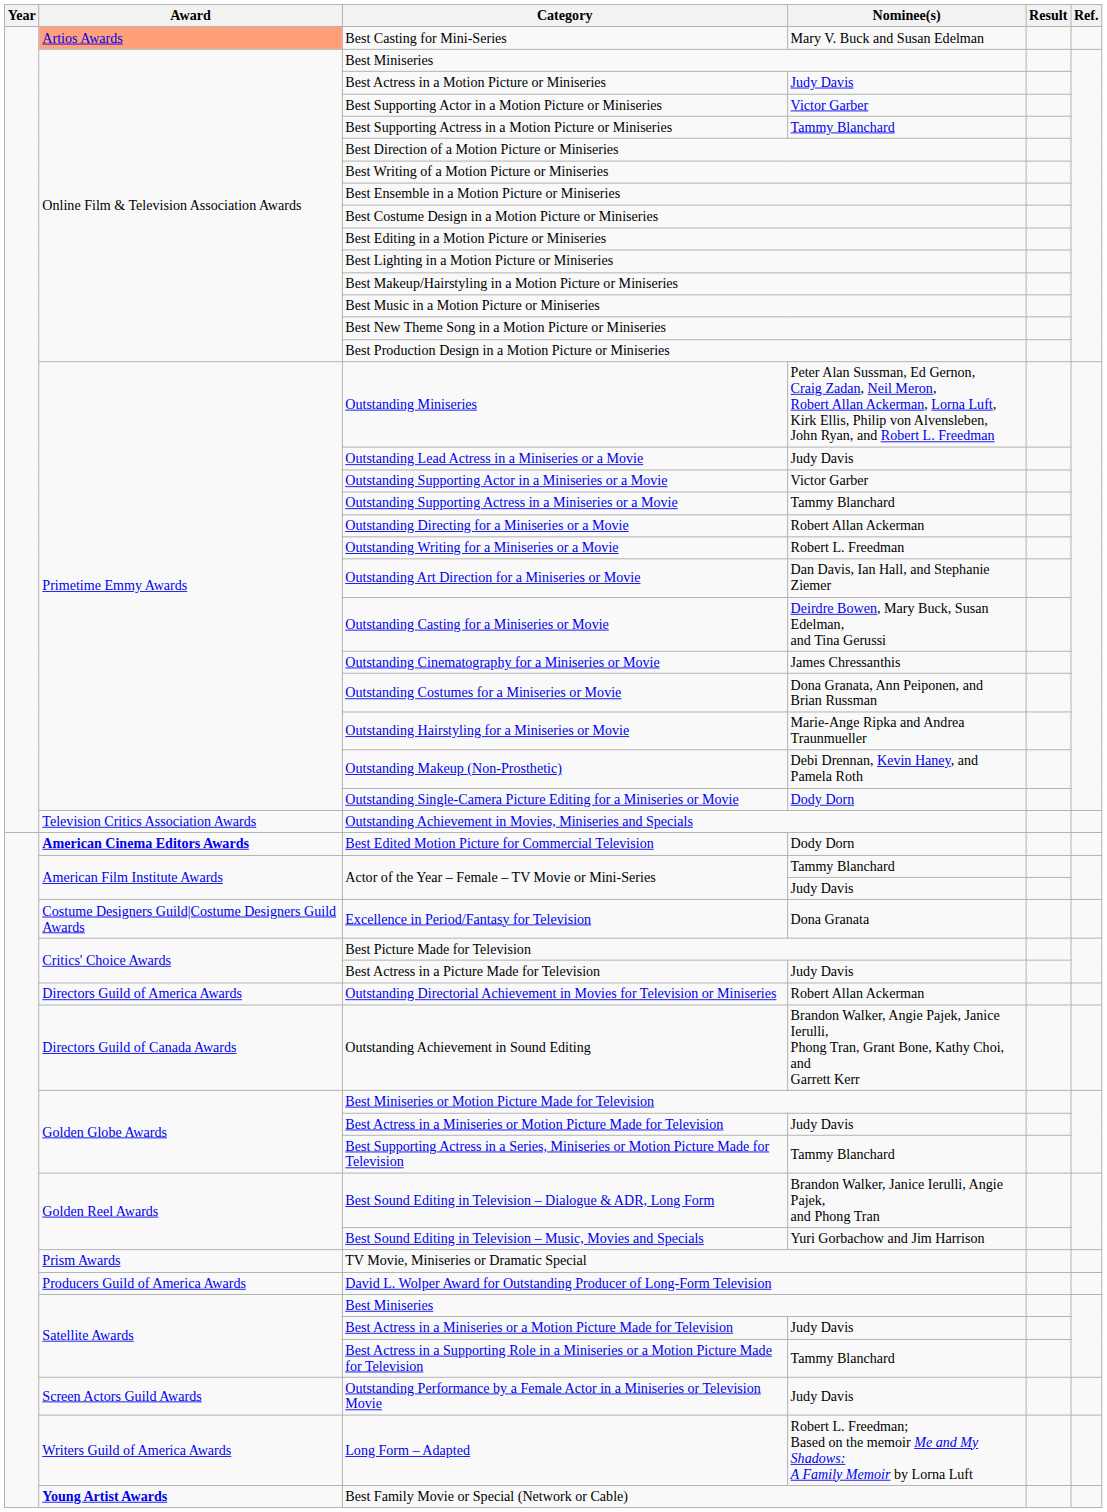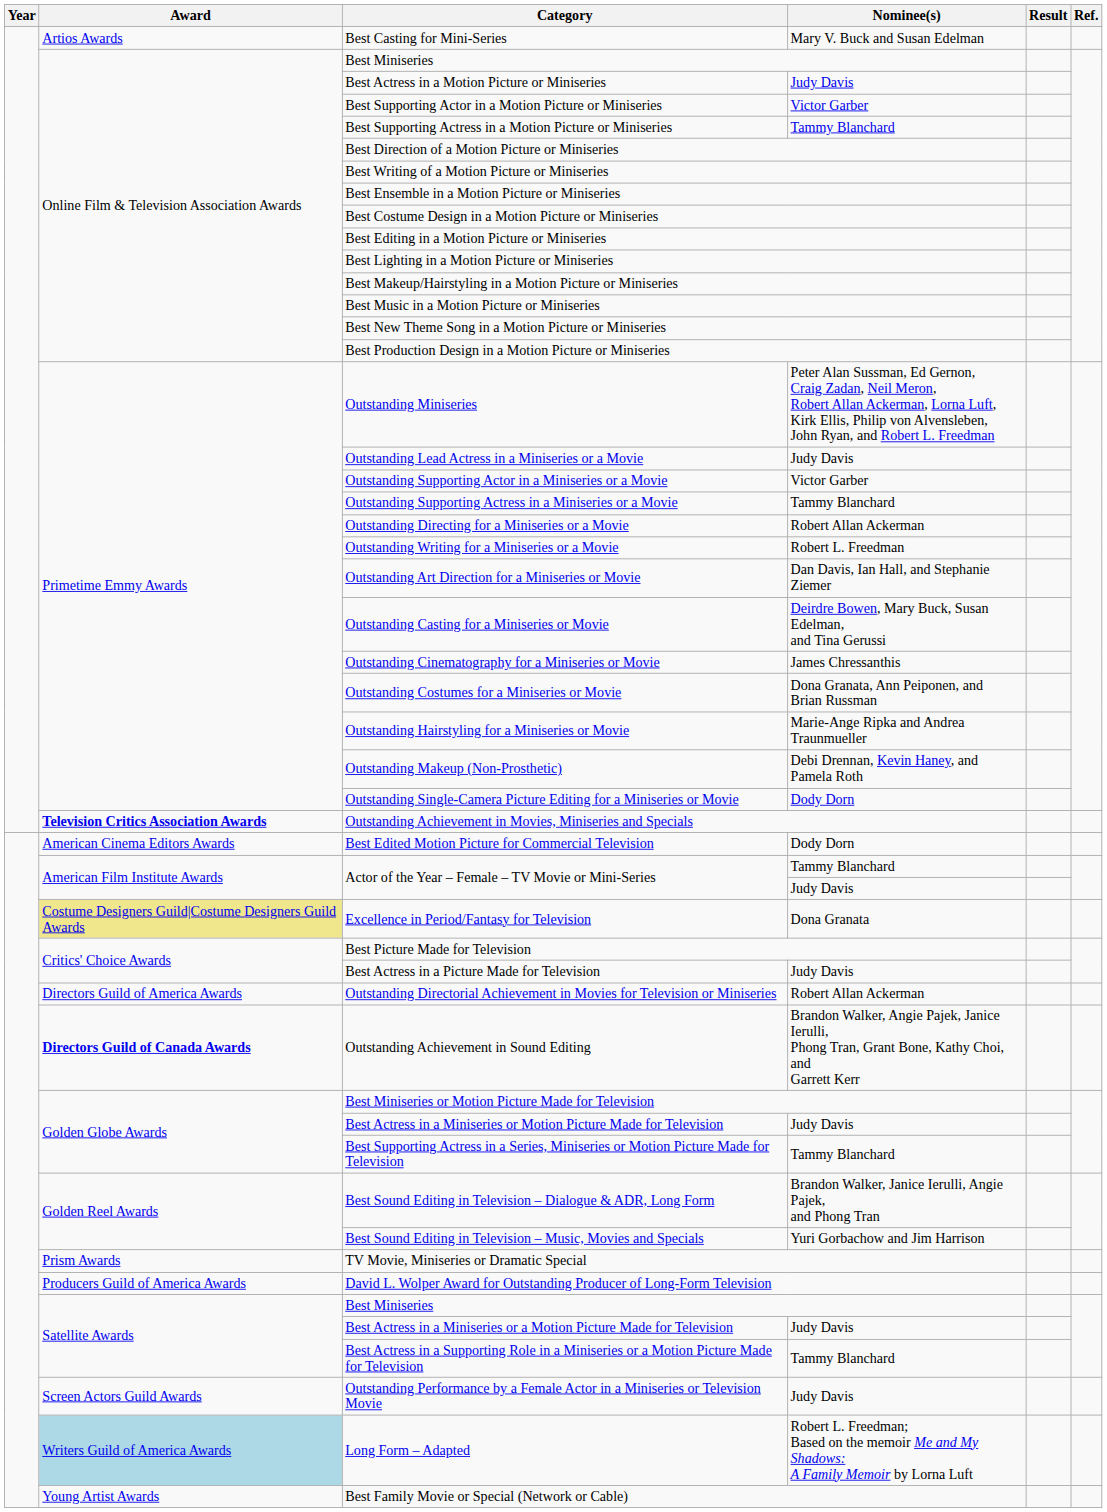 <table class="wikitable plainrowheaders">
 <tr>
 <th>Year</th>
 <th>Award</th>
 <th>Category</th>
 <th>Nominee(s)</th>
 <th>Result</th>
 <th>Ref.</th>
 </tr>
 <tr>
 <td rowspan="29"></td>
-<td style="background: lightsalmon;"><a href='#'>Artios Awards</a></td>
+<td><a href='#'>Artios Awards</a></td>
 <td>Best Casting for Mini-Series</td>
 <td>Mary V. Buck and Susan Edelman</td>
 <td></td>
 <td align="center"></td>
 </tr>
 <tr>
 <td rowspan="14">Online Film & Television Association Awards</td>
 <td colspan="2">Best Miniseries</td>
 <td></td>
 <td align="center" rowspan="14"></td>
 </tr>
 <tr>
 <td>Best Actress in a Motion Picture or Miniseries</td>
 <td><a href='#'>Judy Davis</a></td>
 <td></td>
 </tr>
 <tr>
 <td>Best Supporting Actor in a Motion Picture or Miniseries</td>
 <td><a href='#'>Victor Garber</a></td>
 <td></td>
 </tr>
 <tr>
 <td>Best Supporting Actress in a Motion Picture or Miniseries</td>
 <td><a href='#'>Tammy Blanchard</a></td>
 <td></td>
 </tr>
 <tr>
 <td colspan="2">Best Direction of a Motion Picture or Miniseries</td>
 <td></td>
 </tr>
 <tr>
 <td colspan="2">Best Writing of a Motion Picture or Miniseries</td>
 <td></td>
 </tr>
 <tr>
 <td colspan="2">Best Ensemble in a Motion Picture or Miniseries</td>
 <td></td>
 </tr>
 <tr>
 <td colspan="2">Best Costume Design in a Motion Picture or Miniseries</td>
 <td></td>
 </tr>
 <tr>
 <td colspan="2">Best Editing in a Motion Picture or Miniseries</td>
 <td></td>
 </tr>
 <tr>
 <td colspan="2">Best Lighting in a Motion Picture or Miniseries</td>
 <td></td>
 </tr>
 <tr>
 <td colspan="2">Best Makeup/Hairstyling in a Motion Picture or Miniseries</td>
 <td></td>
 </tr>
 <tr>
 <td colspan="2">Best Music in a Motion Picture or Miniseries</td>
 <td></td>
 </tr>
 <tr>
 <td colspan="2">Best New Theme Song in a Motion Picture or Miniseries</td>
 <td></td>
 </tr>
 <tr>
 <td colspan="2">Best Production Design in a Motion Picture or Miniseries</td>
 <td></td>
 </tr>
 <tr>
 <td rowspan="13"><a href='#'>Primetime Emmy Awards</a></td>
 <td><a href='#'>Outstanding Miniseries</a></td>
 <td>Peter Alan Sussman, Ed Gernon, <br> <a href='#'>Craig Zadan</a>, <a href='#'>Neil Meron</a>, <br> <a href='#'>Robert Allan Ackerman</a>, <a href='#'>Lorna Luft</a>, <br> Kirk Ellis, Philip von Alvensleben, <br> John Ryan, and <a href='#'>Robert L. Freedman</a></td>
 <td></td>
 <td align="center" rowspan="13"></td>
 </tr>
 <tr>
 <td><a href='#'>Outstanding Lead Actress in a Miniseries or a Movie</a></td>
 <td>Judy Davis</td>
 <td></td>
 </tr>
 <tr>
 <td><a href='#'>Outstanding Supporting Actor in a Miniseries or a Movie</a></td>
 <td>Victor Garber</td>
 <td></td>
 </tr>
 <tr>
 <td><a href='#'>Outstanding Supporting Actress in a Miniseries or a Movie</a></td>
 <td>Tammy Blanchard</td>
 <td></td>
 </tr>
 <tr>
 <td><a href='#'>Outstanding Directing for a Miniseries or a Movie</a></td>
 <td>Robert Allan Ackerman</td>
 <td></td>
 </tr>
 <tr>
 <td><a href='#'>Outstanding Writing for a Miniseries or a Movie</a></td>
 <td>Robert L. Freedman</td>
 <td></td>
 </tr>
 <tr>
 <td><a href='#'>Outstanding Art Direction for a Miniseries or Movie</a></td>
 <td>Dan Davis, Ian Hall, and Stephanie Ziemer <br> </td>
 <td></td>
 </tr>
 <tr>
 <td><a href='#'>Outstanding Casting for a Miniseries or Movie</a></td>
 <td><a href='#'>Deirdre Bowen</a>, Mary Buck, Susan Edelman, <br> and Tina Gerussi</td>
 <td></td>
 </tr>
 <tr>
 <td><a href='#'>Outstanding Cinematography for a Miniseries or Movie</a></td>
 <td>James Chressanthis </td>
 <td></td>
 </tr>
 <tr>
 <td><a href='#'>Outstanding Costumes for a Miniseries or Movie</a></td>
 <td>Dona Granata, Ann Peiponen, and <br> Brian Russman </td>
 <td></td>
 </tr>
 <tr>
 <td><a href='#'>Outstanding Hairstyling for a Miniseries or Movie</a></td>
 <td>Marie-Ange Ripka and Andrea Traunmueller</td>
 <td></td>
 </tr>
 <tr>
 <td><a href='#'>Outstanding Makeup (Non-Prosthetic)</a></td>
 <td>Debi Drennan, <a href='#'>Kevin Haney</a>, and Pamela Roth</td>
 <td></td>
 </tr>
 <tr>
 <td><a href='#'>Outstanding Single-Camera Picture Editing for a Miniseries or Movie</a></td>
 <td><a href='#'>Dody Dorn</a> </td>
 <td></td>
 </tr>
 <tr>
-<td><a href='#'>Television Critics Association Awards</a></td>
+<td><strong><a href='#'>Television Critics Association Awards</a></strong></td>
 <td colspan="2"><a href='#'>Outstanding Achievement in Movies, Miniseries and Specials</a></td>
 <td></td>
 <td align="center"></td>
 </tr>
 <tr>
 <td rowspan="21"></td>
-<td><strong><a href='#'>American Cinema Editors Awards</a></strong></td>
+<td><a href='#'>American Cinema Editors Awards</a></td>
 <td><a href='#'>Best Edited Motion Picture for Commercial Television</a></td>
 <td>Dody Dorn</td>
 <td></td>
 <td align="center"></td>
 </tr>
 <tr>
 <td rowspan="2"><a href='#'>American Film Institute Awards</a></td>
 <td rowspan="2">Actor of the Year – Female – TV Movie or Mini-Series</td>
 <td>Tammy Blanchard</td>
 <td></td>
 <td align="center" rowspan="2"></td>
 </tr>
 <tr>
 <td>Judy Davis</td>
 <td></td>
 </tr>
 <tr>
-<td><a href='#'>Costume Designers Guild|Costume Designers Guild Awards</a></td>
+<td style="background: khaki;"><a href='#'>Costume Designers Guild|Costume Designers Guild Awards</a></td>
 <td><a href='#'>Excellence in Period/Fantasy for Television</a></td>
 <td>Dona Granata</td>
 <td></td>
 <td align="center"></td>
 </tr>
 <tr>
 <td rowspan="2"><a href='#'>Critics' Choice Awards</a></td>
 <td colspan="2">Best Picture Made for Television</td>
 <td></td>
 <td align="center" rowspan="2"></td>
 </tr>
 <tr>
 <td>Best Actress in a Picture Made for Television</td>
 <td>Judy Davis</td>
 <td></td>
 </tr>
 <tr>
 <td><a href='#'>Directors Guild of America Awards</a></td>
 <td><a href='#'>Outstanding Directorial Achievement in Movies for Television or Miniseries</a></td>
 <td>Robert Allan Ackerman</td>
 <td></td>
 <td align="center"></td>
 </tr>
 <tr>
-<td><a href='#'>Directors Guild of Canada Awards</a></td>
+<td><strong><a href='#'>Directors Guild of Canada Awards</a></strong></td>
 <td>Outstanding Achievement in Sound Editing</td>
 <td>Brandon Walker, Angie Pajek, Janice Ierulli, <br> Phong Tran, Grant Bone, Kathy Choi, and <br> Garrett Kerr</td>
 <td></td>
 <td align="center"></td>
 </tr>
 <tr>
 <td rowspan="3"><a href='#'>Golden Globe Awards</a></td>
 <td colspan="2"><a href='#'>Best Miniseries or Motion Picture Made for Television</a></td>
 <td></td>
 <td align="center" rowspan="3"></td>
 </tr>
 <tr>
 <td><a href='#'>Best Actress in a Miniseries or Motion Picture Made for Television</a></td>
 <td>Judy Davis</td>
 <td></td>
 </tr>
 <tr>
 <td><a href='#'>Best Supporting Actress in a Series, Miniseries or Motion Picture Made for Television</a></td>
 <td>Tammy Blanchard</td>
 <td></td>
 </tr>
 <tr>
 <td rowspan="2"><a href='#'>Golden Reel Awards</a></td>
 <td><a href='#'>Best Sound Editing in Television – Dialogue & ADR, Long Form</a></td>
 <td>Brandon Walker, Janice Ierulli, Angie Pajek, <br> and Phong Tran</td>
 <td></td>
 <td rowspan="2" align="center"></td>
 </tr>
 <tr>
 <td><a href='#'>Best Sound Editing in Television – Music, Movies and Specials</a></td>
 <td>Yuri Gorbachow and Jim Harrison</td>
 <td></td>
 </tr>
 <tr>
 <td><a href='#'>Prism Awards</a></td>
 <td colspan="2">TV Movie, Miniseries or Dramatic Special</td>
 <td></td>
 <td align="center"></td>
 </tr>
 <tr>
 <td><a href='#'>Producers Guild of America Awards</a></td>
 <td colspan="2"><a href='#'>David L. Wolper Award for Outstanding Producer of Long-Form Television</a></td>
 <td></td>
 <td align="center"></td>
 </tr>
 <tr>
 <td rowspan="3"><a href='#'>Satellite Awards</a></td>
 <td colspan="2"><a href='#'>Best Miniseries</a></td>
 <td></td>
 <td align="center" rowspan="3"></td>
 </tr>
 <tr>
 <td><a href='#'>Best Actress in a Miniseries or a Motion Picture Made for Television</a></td>
 <td>Judy Davis</td>
 <td></td>
 </tr>
 <tr>
 <td><a href='#'>Best Actress in a Supporting Role in a Miniseries or a Motion Picture Made for Television</a></td>
 <td>Tammy Blanchard</td>
 <td></td>
 </tr>
 <tr>
 <td><a href='#'>Screen Actors Guild Awards</a></td>
 <td><a href='#'>Outstanding Performance by a Female Actor in a Miniseries or Television Movie</a></td>
 <td>Judy Davis</td>
 <td></td>
 <td align="center"></td>
 </tr>
 <tr>
-<td><a href='#'>Writers Guild of America Awards</a></td>
+<td style="background: lightblue;"><a href='#'>Writers Guild of America Awards</a></td>
 <td><a href='#'>Long Form – Adapted</a></td>
 <td>Robert L. Freedman; <br> Based on the memoir <em><a href='#'>Me and My Shadows: <br> A Family Memoir</a></em> by Lorna Luft</td>
 <td></td>
 <td align="center"></td>
 </tr>
 <tr>
-<td><strong><a href='#'>Young Artist Awards</a></strong></td>
+<td><a href='#'>Young Artist Awards</a></td>
 <td colspan="2">Best Family Movie or Special (Network or Cable)</td>
 <td></td>
 <td align="center"></td>
 </tr>
 </table>
